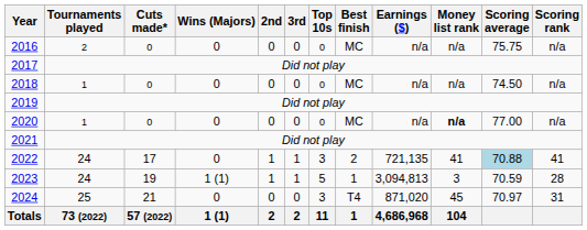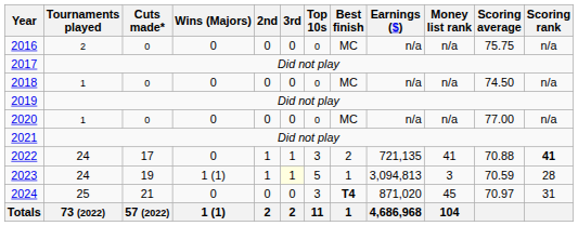 <table class="wikitable" style="text-align:center; font-size: 95%;">
 <tr>
 <th>Year</th>
 <th>Tournaments <br>played</th>
 <th>Cuts <br>made*</th>
 <th>Wins (Majors)</th>
 <th>2nd</th>
 <th>3rd</th>
 <th>Top <br>10s</th>
 <th>Best <br>finish</th>
 <th>Earnings<br>(<a href='#'>$</a>)</th>
 <th>Money<br>list rank</th>
 <th>Scoring <br> average</th>
 <th>Scoring<br>rank</th>
 </tr>
 <tr>
 <td><a href='#'>2016</a></td>
 <td><small>2</small></td>
 <td><small>0</small></td>
 <td>0</td>
 <td>0</td>
 <td>0</td>
 <td><small>0</small></td>
 <td>MC</td>
 <td align=right>n/a</td>
 <td>n/a</td>
 <td>75.75</td>
 <td>n/a</td>
 </tr>
 <tr>
 <td><a href='#'>2017</a></td>
 <td colspan=11><em>Did not play</em></td>
 </tr>
 <tr>
 <td><a href='#'>2018</a></td>
 <td><small>1</small></td>
 <td><small>0</small></td>
 <td>0</td>
 <td>0</td>
 <td>0</td>
 <td><small>0</small></td>
 <td>MC</td>
 <td align=right>n/a</td>
 <td>n/a</td>
 <td>74.50</td>
 <td>n/a</td>
 </tr>
 <tr>
 <td><a href='#'>2019</a></td>
 <td colspan=11><em>Did not play</em></td>
 </tr>
 <tr>
 <td><a href='#'>2020</a></td>
 <td><small>1</small></td>
 <td><small>0</small></td>
 <td>0</td>
 <td>0</td>
 <td>0</td>
 <td><small>0</small></td>
 <td>MC</td>
 <td align=right>n/a</td>
-<td><strong>n/a</strong></td>
+<td>n/a</td>
 <td>77.00</td>
 <td>n/a</td>
 </tr>
 <tr>
 <td><a href='#'>2021</a></td>
 <td colspan=11><em>Did not play</em></td>
 </tr>
 <tr>
 <td><a href='#'>2022</a></td>
 <td>24</td>
 <td>17</td>
 <td>0</td>
 <td>1</td>
 <td>1</td>
 <td>3</td>
 <td>2</td>
 <td align=right>721,135</td>
 <td>41</td>
-<td style="background: lightblue;">70.88</td>
-<td>41</td>
+<td>70.88</td>
+<td><strong>41</strong></td>
 </tr>
 <tr>
 <td><a href='#'>2023</a></td>
 <td>24</td>
 <td>19</td>
 <td>1 (1)</td>
 <td>1</td>
-<td>1</td>
+<td style="background: lightyellow;">1</td>
 <td>5</td>
 <td>1</td>
 <td align=right>3,094,813</td>
 <td>3</td>
 <td>70.59</td>
 <td>28</td>
 </tr>
 <tr>
 <td><a href='#'>2024</a></td>
 <td>25</td>
 <td>21</td>
 <td>0</td>
 <td>0</td>
 <td>0</td>
 <td>3</td>
-<td>T4</td>
+<td><strong>T4</strong></td>
 <td align=right>871,020</td>
 <td>45</td>
 <td>70.97</td>
 <td>31</td>
 </tr>
 <tr>
 <th>Totals</th>
 <th>73 <small>(2022)</small> </th>
 <th>57 <small>(2022)</small> </th>
 <th>1 (1) </th>
 <th>2 </th>
 <th>2 </th>
 <th>11 </th>
 <th>1 </th>
 <th align=right>4,686,968 </th>
 <th>104 </th>
 <th></th>
 <th></th>
 </tr>
 </table>
